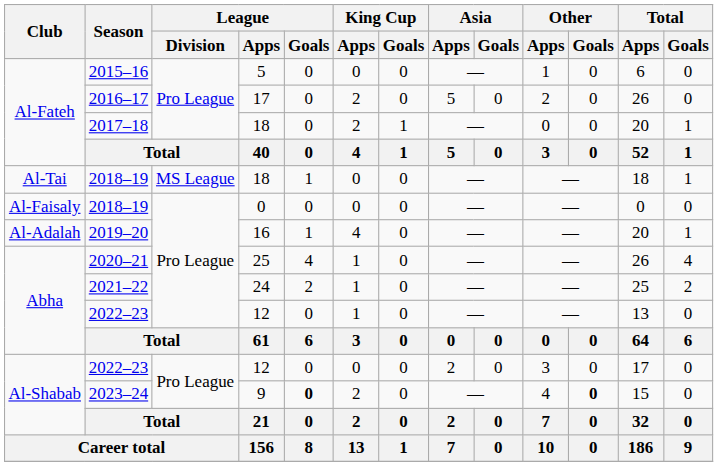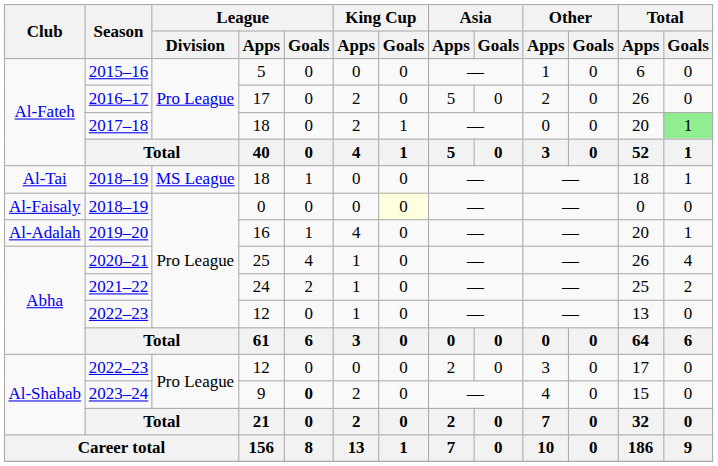 <table class="wikitable" style="text-align: center">
 <tr>
 <th rowspan=2>Club</th>
 <th rowspan=2>Season</th>
 <th colspan=3>League</th>
 <th colspan=2>King Cup</th>
 <th colspan=2>Asia</th>
 <th colspan=2>Other</th>
 <th colspan=2>Total</th>
 </tr>
 <tr>
 <th>Division</th>
 <th>Apps</th>
 <th>Goals</th>
 <th>Apps</th>
 <th>Goals</th>
 <th>Apps</th>
 <th>Goals</th>
 <th>Apps</th>
 <th>Goals</th>
 <th>Apps</th>
 <th>Goals</th>
 </tr>
 <tr>
 <td rowspan=4><a href='#'>Al-Fateh</a></td>
 <td><a href='#'>2015–16</a></td>
 <td rowspan=3><a href='#'>Pro League</a></td>
 <td>5</td>
 <td>0</td>
 <td>0</td>
 <td>0</td>
 <td colspan=2>—</td>
 <td>1</td>
 <td>0</td>
 <td>6</td>
 <td>0</td>
 </tr>
 <tr>
 <td><a href='#'>2016–17</a></td>
 <td>17</td>
 <td>0</td>
 <td>2</td>
 <td>0</td>
 <td>5</td>
 <td>0</td>
 <td>2</td>
 <td>0</td>
 <td>26</td>
 <td>0</td>
 </tr>
 <tr>
 <td><a href='#'>2017–18</a></td>
 <td>18</td>
 <td>0</td>
 <td>2</td>
 <td>1</td>
 <td colspan=2>—</td>
 <td>0</td>
 <td>0</td>
 <td>20</td>
-<td>1</td>
+<td style="background: lightgreen;">1</td>
 </tr>
 <tr>
 <th colspan="2">Total</th>
 <th>40</th>
 <th>0</th>
 <th>4</th>
 <th>1</th>
 <th>5</th>
 <th>0</th>
 <th>3</th>
 <th>0</th>
 <th>52</th>
 <th>1</th>
 </tr>
 <tr>
 <td rowspan=1><a href='#'>Al-Tai</a></td>
 <td><a href='#'>2018–19</a></td>
 <td><a href='#'>MS League</a></td>
 <td>18</td>
 <td>1</td>
 <td>0</td>
 <td>0</td>
 <td colspan=2>—</td>
 <td colspan=2>—</td>
 <td>18</td>
 <td>1</td>
 </tr>
 <tr>
 <td rowspan=1><a href='#'>Al-Faisaly</a></td>
 <td><a href='#'>2018–19</a></td>
 <td rowspan=5>Pro League</td>
 <td>0</td>
 <td>0</td>
 <td>0</td>
-<td>0</td>
+<td style="background: lightyellow;">0</td>
 <td colspan=2>—</td>
 <td colspan=2>—</td>
 <td>0</td>
 <td>0</td>
 </tr>
 <tr>
 <td rowspan=1><a href='#'>Al-Adalah</a></td>
 <td><a href='#'>2019–20</a></td>
 <td>16</td>
 <td>1</td>
 <td>4</td>
 <td>0</td>
 <td colspan=2>—</td>
 <td colspan=2>—</td>
 <td>20</td>
 <td>1</td>
 </tr>
 <tr>
 <td rowspan=4><a href='#'>Abha</a></td>
 <td><a href='#'>2020–21</a></td>
 <td>25</td>
 <td>4</td>
 <td>1</td>
 <td>0</td>
 <td colspan=2>—</td>
 <td colspan=2>—</td>
 <td>26</td>
 <td>4</td>
 </tr>
 <tr>
 <td><a href='#'>2021–22</a></td>
 <td>24</td>
 <td>2</td>
 <td>1</td>
 <td>0</td>
 <td colspan=2>—</td>
 <td colspan=2>—</td>
 <td>25</td>
 <td>2</td>
 </tr>
 <tr>
 <td><a href='#'>2022–23</a></td>
 <td>12</td>
 <td>0</td>
 <td>1</td>
 <td>0</td>
 <td colspan=2>—</td>
 <td colspan=2>—</td>
 <td>13</td>
 <td>0</td>
 </tr>
 <tr>
 <th colspan="2">Total</th>
 <th>61</th>
 <th>6</th>
 <th>3</th>
 <th>0</th>
 <th>0</th>
 <th>0</th>
 <th>0</th>
 <th>0</th>
 <th>64</th>
 <th>6</th>
 </tr>
 <tr>
 <td rowspan=3><a href='#'>Al-Shabab</a></td>
 <td><a href='#'>2022–23</a></td>
 <td rowspan=2>Pro League</td>
 <td>12</td>
 <td>0</td>
 <td>0</td>
 <td>0</td>
 <td>2</td>
 <td>0</td>
 <td>3</td>
 <td>0</td>
 <td>17</td>
 <td>0</td>
 </tr>
 <tr>
 <td><a href='#'>2023–24</a></td>
 <td>9</td>
 <td><strong>0</strong></td>
 <td>2</td>
 <td>0</td>
 <td colspan=2>—</td>
 <td>4</td>
-<td><strong>0</strong></td>
+<td>0</td>
 <td>15</td>
 <td>0</td>
 </tr>
 <tr>
 <th colspan="2">Total</th>
 <th>21</th>
 <th>0</th>
 <th>2</th>
 <th>0</th>
 <th>2</th>
 <th>0</th>
 <th>7</th>
 <th>0</th>
 <th>32</th>
 <th>0</th>
 </tr>
 <tr>
 <th colspan=3>Career total</th>
 <th>156</th>
 <th>8</th>
 <th>13</th>
 <th>1</th>
 <th>7</th>
 <th>0</th>
 <th>10</th>
 <th>0</th>
 <th>186</th>
 <th>9</th>
 </tr>
 <tr>
 </tr>
 </table>
